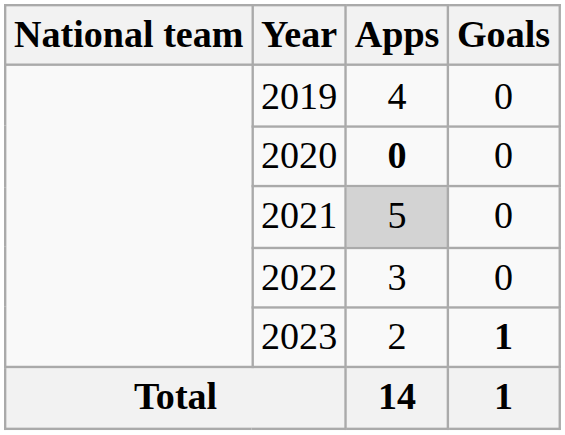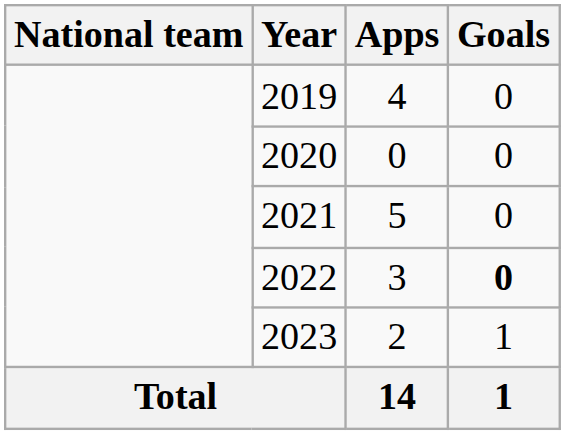 <table class="wikitable" style="text-align:center">
 <tr>
 <th>National team</th>
 <th>Year</th>
 <th>Apps</th>
 <th>Goals</th>
 </tr>
 <tr>
 <td rowspan="5"></td>
 <td>2019</td>
 <td>4</td>
 <td>0</td>
 </tr>
 <tr>
 <td>2020</td>
-<td><strong>0</strong></td>
+<td>0</td>
 <td>0</td>
 </tr>
 <tr>
 <td>2021</td>
-<td style="background: lightgrey;">5</td>
+<td>5</td>
 <td>0</td>
 </tr>
 <tr>
 <td>2022</td>
 <td>3</td>
-<td>0</td>
+<td><strong>0</strong></td>
 </tr>
 <tr>
 <td>2023</td>
 <td>2</td>
-<td><strong>1</strong></td>
+<td>1</td>
 </tr>
 <tr>
 <th colspan=2>Total</th>
 <th>14</th>
 <th>1</th>
 </tr>
 </table>
